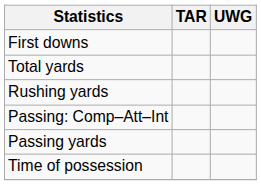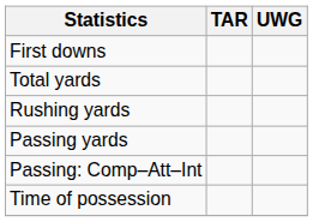 <table class="wikitable" style="float: left;">
 <tr>
 <th>Statistics</th>
 <th>TAR</th>
 <th>UWG</th>
 </tr>
 <tr>
 <td>First downs</td>
 <td></td>
 <td></td>
 </tr>
 <tr>
 <td>Total yards</td>
 <td></td>
 <td></td>
 </tr>
 <tr>
 <td>Rushing yards</td>
 <td></td>
 <td></td>
 </tr>
 <tr>
-<td>Passing: Comp–Att–Int</td>
+<td>Passing yards</td>
 <td></td>
 <td></td>
 </tr>
 <tr>
-<td>Passing yards</td>
+<td>Passing: Comp–Att–Int</td>
 <td></td>
 <td></td>
 </tr>
 <tr>
 <td>Time of possession</td>
 <td></td>
 <td></td>
 </tr>
 <tr>
 </tr>
 </table>
